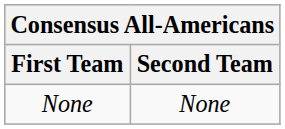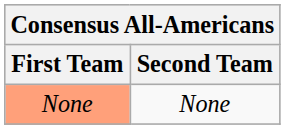 <table class="wikitable" style="font-size: 95%; text-align: center;">
 <tr>
 <th Colspan=2>Consensus All-Americans</th>
 </tr>
 <tr>
 <th>First Team</th>
 <th>Second Team</th>
 </tr>
 <tr>
-<td><em>None</em></td>
+<td style="background: lightsalmon;"><em>None</em></td>
 <td><em>None</em></td>
 </tr>
 </table>
